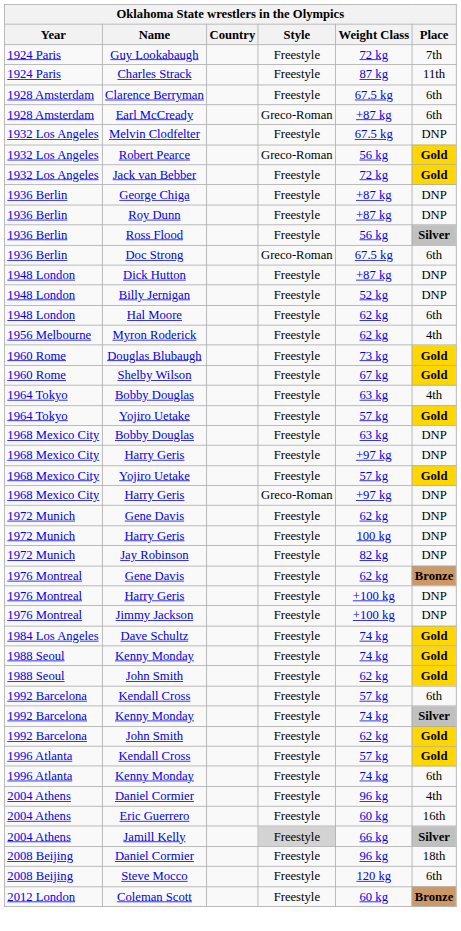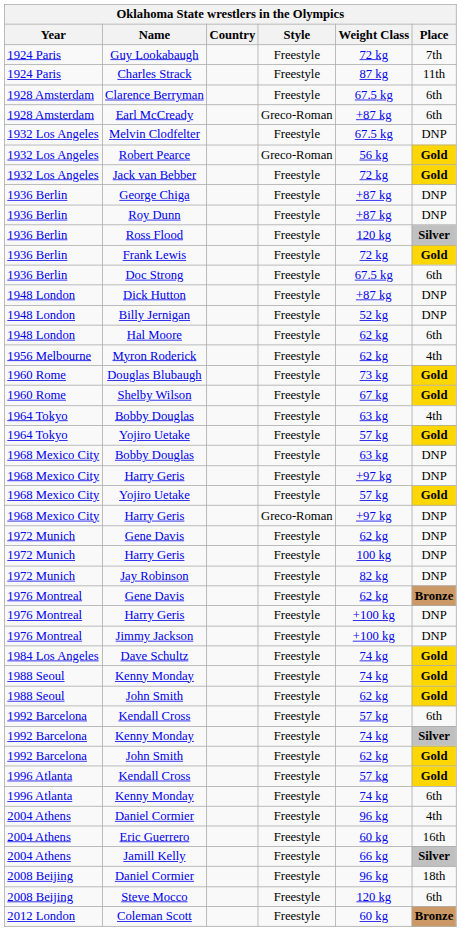 <table class="wikitable">
 <tr>
 <th colspan="6">Oklahoma State wrestlers in the Olympics</th>
 </tr>
 <tr>
 <th scope="col">Year</th>
 <th scope="col">Name</th>
 <th scope="col">Country</th>
 <th scope="col">Style</th>
 <th scope="col">Weight Class</th>
 <th scope="col">Place</th>
 </tr>
 <tr>
 <td><a href='#'>1924 Paris</a></td>
 <td style="text-align: center;"><a href='#'>Guy Lookabaugh</a></td>
 <td style="text-align: center;"></td>
 <td style="text-align: center;">Freestyle</td>
 <td style="text-align: center;"><a href='#'>72 kg</a></td>
 <td style="text-align: center;">7th</td>
 </tr>
 <tr>
 <td><a href='#'>1924 Paris</a></td>
 <td style="text-align: center;"><a href='#'>Charles Strack</a></td>
 <td style="text-align: center;"></td>
 <td style="text-align: center;">Freestyle</td>
 <td style="text-align: center;"><a href='#'>87 kg</a></td>
 <td style="text-align: center;">11th</td>
 </tr>
 <tr>
 <td><a href='#'>1928 Amsterdam</a></td>
 <td style="text-align: center;"><a href='#'>Clarence Berryman</a></td>
 <td style="text-align: center;"></td>
 <td style="text-align: center;">Freestyle</td>
 <td style="text-align: center;"><a href='#'>67.5 kg</a></td>
 <td style="text-align: center;">6th</td>
 </tr>
 <tr>
 <td><a href='#'>1928 Amsterdam</a></td>
 <td style="text-align: center;"><a href='#'>Earl McCready</a></td>
 <td style="text-align: center;"></td>
 <td style="text-align: center;">Greco-Roman</td>
 <td style="text-align: center;"><a href='#'>+87 kg</a></td>
 <td style="text-align: center;">6th</td>
 </tr>
 <tr>
 <td><a href='#'>1932 Los Angeles</a></td>
 <td style="text-align: center;"><a href='#'>Melvin Clodfelter</a></td>
 <td style="text-align: center;"></td>
 <td style="text-align: center;">Freestyle</td>
 <td style="text-align: center;"><a href='#'>67.5 kg</a></td>
 <td style="text-align: center;">DNP</td>
 </tr>
 <tr>
 <td><a href='#'>1932 Los Angeles</a></td>
 <td style="text-align: center;"><a href='#'>Robert Pearce</a></td>
 <td style="text-align: center;"></td>
 <td style="text-align: center;">Greco-Roman</td>
 <td style="text-align: center;"><a href='#'>56 kg</a></td>
 <td style="text-align: center; background:  gold;"><strong>Gold</strong></td>
 </tr>
 <tr>
 <td><a href='#'>1932 Los Angeles</a></td>
 <td style="text-align: center;"><a href='#'>Jack van Bebber</a></td>
 <td style="text-align: center;"></td>
 <td style="text-align: center;">Freestyle</td>
 <td style="text-align: center;"><a href='#'>72 kg</a></td>
 <td style="text-align: center; background:  gold;"><strong>Gold</strong></td>
 </tr>
 <tr>
 <td><a href='#'>1936 Berlin</a></td>
 <td style="text-align: center;"><a href='#'>George Chiga</a></td>
 <td style="text-align: center;"></td>
 <td style="text-align: center;">Freestyle</td>
 <td style="text-align: center;"><a href='#'>+87 kg</a></td>
 <td style="text-align: center;">DNP</td>
 </tr>
 <tr>
 <td><a href='#'>1936 Berlin</a></td>
 <td style="text-align: center;"><a href='#'>Roy Dunn</a></td>
 <td style="text-align: center;"></td>
 <td style="text-align: center;">Freestyle</td>
 <td style="text-align: center;"><a href='#'>+87 kg</a></td>
 <td style="text-align: center;">DNP</td>
 </tr>
 <tr>
 <td><a href='#'>1936 Berlin</a></td>
 <td style="text-align: center;"><a href='#'>Ross Flood</a></td>
 <td style="text-align: center;"></td>
 <td style="text-align: center;">Freestyle</td>
-<td style="text-align: center;"><a href='#'>56 kg</a></td>
+<td style="text-align: center;"><a href='#'>120 kg</a></td>
 <td style="text-align: center; background:  silver;"><strong>Silver</strong></td>
+</tr>
+<tr>
+<td><a href='#'>1936 Berlin</a></td>
+<td style="text-align: center;"><a href='#'>Frank Lewis</a></td>
+<td style="text-align: center;"></td>
+<td style="text-align: center;">Freestyle</td>
+<td style="text-align: center;"><a href='#'>72 kg</a></td>
+<td style="text-align: center; background:  gold;"><strong>Gold</strong></td>
 </tr>
 <tr>
 <td><a href='#'>1936 Berlin</a></td>
 <td style="text-align: center;"><a href='#'>Doc Strong</a></td>
 <td style="text-align: center;"></td>
-<td style="text-align: center;">Greco-Roman</td>
+<td style="text-align: center;">Freestyle</td>
 <td style="text-align: center;"><a href='#'>67.5 kg</a></td>
 <td style="text-align: center;">6th</td>
 </tr>
 <tr>
 <td><a href='#'>1948 London</a></td>
 <td style="text-align: center;"><a href='#'>Dick Hutton</a></td>
 <td style="text-align: center;"></td>
 <td style="text-align: center;">Freestyle</td>
 <td style="text-align: center;"><a href='#'>+87 kg</a></td>
 <td style="text-align: center;">DNP</td>
 </tr>
 <tr>
 <td><a href='#'>1948 London</a></td>
 <td style="text-align: center;"><a href='#'>Billy Jernigan</a></td>
 <td style="text-align: center;"></td>
 <td style="text-align: center;">Freestyle</td>
 <td style="text-align: center;"><a href='#'>52 kg</a></td>
 <td style="text-align: center;">DNP</td>
 </tr>
 <tr>
 <td><a href='#'>1948 London</a></td>
 <td style="text-align: center;"><a href='#'>Hal Moore</a></td>
 <td style="text-align: center;"></td>
 <td style="text-align: center;">Freestyle</td>
 <td style="text-align: center;"><a href='#'>62 kg</a></td>
 <td style="text-align: center;">6th</td>
 </tr>
 <tr>
 <td><a href='#'>1956 Melbourne</a></td>
 <td style="text-align: center;"><a href='#'>Myron Roderick</a></td>
 <td style="text-align: center;"></td>
 <td style="text-align: center;">Freestyle</td>
 <td style="text-align: center;"><a href='#'>62 kg</a></td>
 <td style="text-align: center;">4th</td>
 </tr>
 <tr>
 <td><a href='#'>1960 Rome</a></td>
 <td style="text-align: center;"><a href='#'>Douglas Blubaugh</a></td>
 <td style="text-align: center;"></td>
 <td style="text-align: center;">Freestyle</td>
 <td style="text-align: center;"><a href='#'>73 kg</a></td>
 <td style="text-align: center; background:  gold;"><strong>Gold</strong></td>
 </tr>
 <tr>
 <td><a href='#'>1960 Rome</a></td>
 <td style="text-align: center;"><a href='#'>Shelby Wilson</a></td>
 <td style="text-align: center;"></td>
 <td style="text-align: center;">Freestyle</td>
 <td style="text-align: center;"><a href='#'>67 kg</a></td>
 <td style="text-align: center; background:  gold;"><strong>Gold</strong></td>
 </tr>
 <tr>
 <td><a href='#'>1964 Tokyo</a></td>
 <td style="text-align: center;"><a href='#'>Bobby Douglas</a></td>
 <td style="text-align: center;"></td>
 <td style="text-align: center;">Freestyle</td>
 <td style="text-align: center;"><a href='#'>63 kg</a></td>
 <td style="text-align: center;">4th</td>
 </tr>
 <tr>
 <td><a href='#'>1964 Tokyo</a></td>
 <td style="text-align: center;"><a href='#'>Yojiro Uetake</a></td>
 <td style="text-align: center;"></td>
 <td style="text-align: center;">Freestyle</td>
 <td style="text-align: center;"><a href='#'>57 kg</a></td>
 <td style="text-align: center; background:  gold;"><strong>Gold</strong></td>
 </tr>
 <tr>
 <td><a href='#'>1968 Mexico City</a></td>
 <td style="text-align: center;"><a href='#'>Bobby Douglas</a></td>
 <td style="text-align: center;"></td>
 <td style="text-align: center;">Freestyle</td>
 <td style="text-align: center;"><a href='#'>63 kg</a></td>
 <td style="text-align: center;">DNP</td>
 </tr>
 <tr>
 <td><a href='#'>1968 Mexico City</a></td>
 <td style="text-align: center;"><a href='#'>Harry Geris</a></td>
 <td style="text-align: center;"></td>
 <td style="text-align: center;">Freestyle</td>
 <td style="text-align: center;"><a href='#'>+97 kg</a></td>
 <td style="text-align: center;">DNP</td>
 </tr>
 <tr>
 <td><a href='#'>1968 Mexico City</a></td>
 <td style="text-align: center;"><a href='#'>Yojiro Uetake</a></td>
 <td style="text-align: center;"></td>
 <td style="text-align: center;">Freestyle</td>
 <td style="text-align: center;"><a href='#'>57 kg</a></td>
 <td style="text-align: center; background:  gold;"><strong>Gold</strong></td>
 </tr>
 <tr>
 <td><a href='#'>1968 Mexico City</a></td>
 <td style="text-align: center;"><a href='#'>Harry Geris</a></td>
 <td style="text-align: center;"></td>
 <td style="text-align: center;">Greco-Roman</td>
 <td style="text-align: center;"><a href='#'>+97 kg</a></td>
 <td style="text-align: center;">DNP</td>
 </tr>
 <tr>
 <td><a href='#'>1972 Munich</a></td>
 <td style="text-align: center;"><a href='#'>Gene Davis</a></td>
 <td style="text-align: center;"></td>
 <td style="text-align: center;">Freestyle</td>
 <td style="text-align: center;"><a href='#'>62 kg</a></td>
 <td style="text-align: center;">DNP</td>
 </tr>
 <tr>
 <td><a href='#'>1972 Munich</a></td>
 <td style="text-align: center;"><a href='#'>Harry Geris</a></td>
 <td style="text-align: center;"></td>
 <td style="text-align: center;">Freestyle</td>
 <td style="text-align: center;"><a href='#'>100 kg</a></td>
 <td style="text-align: center;">DNP</td>
 </tr>
 <tr>
 <td><a href='#'>1972 Munich</a></td>
 <td style="text-align: center;"><a href='#'>Jay Robinson</a></td>
 <td style="text-align: center;"></td>
 <td style="text-align: center;">Freestyle</td>
 <td style="text-align: center;"><a href='#'>82 kg</a></td>
 <td style="text-align: center;">DNP</td>
 </tr>
 <tr>
 <td><a href='#'>1976 Montreal</a></td>
 <td style="text-align: center;"><a href='#'>Gene Davis</a></td>
 <td style="text-align: center;"></td>
 <td style="text-align: center;">Freestyle</td>
 <td style="text-align: center;"><a href='#'>62 kg</a></td>
 <td style="text-align:center; background:#c96;"><strong>Bronze</strong></td>
 </tr>
 <tr>
 <td><a href='#'>1976 Montreal</a></td>
 <td style="text-align: center;"><a href='#'>Harry Geris</a></td>
 <td style="text-align: center;"></td>
 <td style="text-align: center;">Freestyle</td>
 <td style="text-align: center;"><a href='#'>+100 kg</a></td>
 <td style="text-align: center;">DNP</td>
 </tr>
 <tr>
 <td><a href='#'>1976 Montreal</a></td>
 <td style="text-align: center;"><a href='#'>Jimmy Jackson</a></td>
 <td style="text-align: center;"></td>
 <td style="text-align: center;">Freestyle</td>
 <td style="text-align: center;"><a href='#'>+100 kg</a></td>
 <td style="text-align: center;">DNP</td>
 </tr>
 <tr>
 <td><a href='#'>1984 Los Angeles</a></td>
 <td style="text-align: center;"><a href='#'>Dave Schultz</a></td>
 <td style="text-align: center;"></td>
 <td style="text-align: center;">Freestyle</td>
 <td style="text-align: center;"><a href='#'>74 kg</a></td>
 <td style="text-align: center; background:  gold;"><strong>Gold</strong></td>
 </tr>
 <tr>
 <td><a href='#'>1988 Seoul</a></td>
 <td style="text-align: center;"><a href='#'>Kenny Monday</a></td>
 <td style="text-align: center;"></td>
 <td style="text-align: center;">Freestyle</td>
 <td style="text-align: center;"><a href='#'>74 kg</a></td>
 <td style="text-align: center; background:  gold;"><strong>Gold</strong></td>
 </tr>
 <tr>
 <td><a href='#'>1988 Seoul</a></td>
 <td style="text-align: center;"><a href='#'>John Smith</a></td>
 <td style="text-align: center;"></td>
 <td style="text-align: center;">Freestyle</td>
 <td style="text-align: center;"><a href='#'>62 kg</a></td>
 <td style="text-align: center; background:  gold;"><strong>Gold</strong></td>
 </tr>
 <tr>
 <td><a href='#'>1992 Barcelona</a></td>
 <td style="text-align: center;"><a href='#'>Kendall Cross</a></td>
 <td style="text-align: center;"></td>
 <td style="text-align: center;">Freestyle</td>
 <td style="text-align: center;"><a href='#'>57 kg</a></td>
 <td style="text-align: center;">6th</td>
 </tr>
 <tr>
 <td><a href='#'>1992 Barcelona</a></td>
 <td style="text-align: center;"><a href='#'>Kenny Monday</a></td>
 <td style="text-align: center;"></td>
 <td style="text-align: center;">Freestyle</td>
 <td style="text-align: center;"><a href='#'>74 kg</a></td>
 <td style="text-align: center; background:  silver;"><strong>Silver</strong></td>
 </tr>
 <tr>
 <td><a href='#'>1992 Barcelona</a></td>
 <td style="text-align: center;"><a href='#'>John Smith</a></td>
 <td style="text-align: center;"></td>
 <td style="text-align: center;">Freestyle</td>
 <td style="text-align: center;"><a href='#'>62 kg</a></td>
 <td style="text-align: center; background:  gold;"><strong>Gold</strong></td>
 </tr>
 <tr>
 <td><a href='#'>1996 Atlanta</a></td>
 <td style="text-align: center;"><a href='#'>Kendall Cross</a></td>
 <td style="text-align: center;"></td>
 <td style="text-align: center;">Freestyle</td>
 <td style="text-align: center;"><a href='#'>57 kg</a></td>
 <td style="text-align: center; background:  gold;"><strong>Gold</strong></td>
 </tr>
 <tr>
 <td><a href='#'>1996 Atlanta</a></td>
 <td style="text-align: center;"><a href='#'>Kenny Monday</a></td>
 <td style="text-align: center;"></td>
 <td style="text-align: center;">Freestyle</td>
 <td style="text-align: center;"><a href='#'>74 kg</a></td>
 <td style="text-align: center;">6th</td>
 </tr>
 <tr>
 <td><a href='#'>2004 Athens</a></td>
 <td style="text-align: center;"><a href='#'>Daniel Cormier</a></td>
 <td style="text-align: center;"></td>
 <td style="text-align: center;">Freestyle</td>
 <td style="text-align: center;"><a href='#'>96 kg</a></td>
 <td style="text-align: center;">4th</td>
 </tr>
 <tr>
 <td><a href='#'>2004 Athens</a></td>
 <td style="text-align: center;"><a href='#'>Eric Guerrero</a></td>
 <td style="text-align: center;"></td>
 <td style="text-align: center;">Freestyle</td>
 <td style="text-align: center;"><a href='#'>60 kg</a></td>
 <td style="text-align: center;">16th</td>
 </tr>
 <tr>
 <td><a href='#'>2004 Athens</a></td>
 <td style="text-align: center;"><a href='#'>Jamill Kelly</a></td>
 <td style="text-align: center;"></td>
-<td style="background: lightgrey; text-align: center;">Freestyle</td>
+<td style="text-align: center;">Freestyle</td>
 <td style="text-align: center;"><a href='#'>66 kg</a></td>
 <td style="text-align: center; background:  silver;"><strong>Silver</strong></td>
 </tr>
 <tr>
 <td><a href='#'>2008 Beijing</a></td>
 <td style="text-align: center;"><a href='#'>Daniel Cormier</a></td>
 <td style="text-align: center;"></td>
 <td style="text-align: center;">Freestyle</td>
 <td style="text-align: center;"><a href='#'>96 kg</a></td>
 <td style="text-align: center;">18th</td>
 </tr>
 <tr>
 <td><a href='#'>2008 Beijing</a></td>
 <td style="text-align: center;"><a href='#'>Steve Mocco</a></td>
 <td style="text-align: center;"></td>
 <td style="text-align: center;">Freestyle</td>
 <td style="text-align: center;"><a href='#'>120 kg</a></td>
 <td style="text-align: center;">6th</td>
 </tr>
 <tr>
 <td><a href='#'>2012 London</a></td>
 <td style="text-align: center;"><a href='#'>Coleman Scott</a></td>
 <td style="text-align: center;"></td>
 <td style="text-align: center;">Freestyle</td>
 <td style="text-align: center;"><a href='#'>60 kg</a></td>
 <td style="text-align:center; background:#c96;"><strong>Bronze</strong></td>
 </tr>
 </table>
